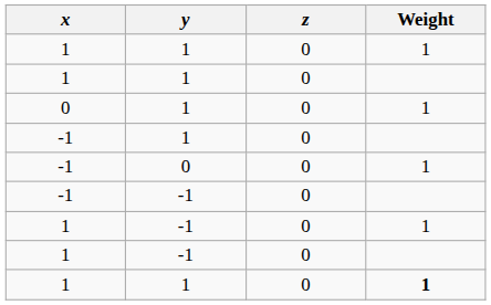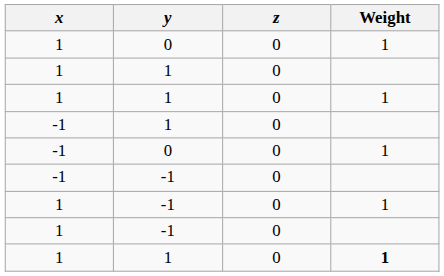 <table class="wikitable"  style="margin:1em auto; text-align: center">
 <tr>
 <th style="width:6em;"><em>x</em></th>
 <th style="width:6em;"><em>y</em></th>
 <th style="width:6em;"><em>z</em></th>
 <th style="width:6em;">Weight</th>
 </tr>
 <tr>
 <td>1</td>
-<td>1</td>
+<td>0</td>
 <td>0</td>
 <td>1</td>
 </tr>
 <tr>
 <td>1</td>
 <td>1</td>
 <td>0</td>
 <td></td>
 </tr>
 <tr>
-<td>0</td>
+<td>1</td>
 <td>1</td>
 <td>0</td>
 <td>1</td>
 </tr>
 <tr>
 <td>-1</td>
 <td>1</td>
 <td>0</td>
 <td></td>
 </tr>
 <tr>
 <td>-1</td>
 <td>0</td>
 <td>0</td>
 <td>1</td>
 </tr>
 <tr>
 <td>-1</td>
 <td>-1</td>
 <td>0</td>
 <td></td>
 </tr>
 <tr>
 <td>1</td>
 <td>-1</td>
 <td>0</td>
 <td>1</td>
 </tr>
 <tr>
 <td>1</td>
 <td>-1</td>
 <td>0</td>
 <td></td>
 </tr>
 <tr>
 <td>1</td>
 <td>1</td>
 <td>0</td>
 <td><strong>1</strong></td>
 </tr>
 </table>
